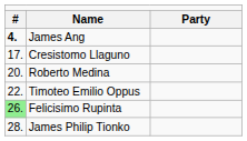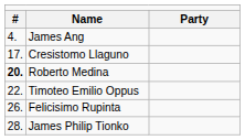 <table class=wikitable style="font-size:90%">
 <tr>
 <td colspan=4 bgcolor=></td>
 </tr>
 <tr>
 <th>#</th>
 <th width=150px>Name</th>
 <th colspan=2 width=110px>Party</th>
 </tr>
 <tr>
-<td><strong>4.</strong></td>
+<td>4.</td>
 <td>James Ang</td>
 <td></td>
 </tr>
 <tr>
 <td>17.</td>
 <td>Cresistomo Llaguno</td>
 <td></td>
 </tr>
 <tr>
-<td>20.</td>
+<td><strong>20.</strong></td>
 <td>Roberto Medina</td>
 <td></td>
 </tr>
 <tr>
 <td>22.</td>
 <td>Timoteo Emilio Oppus</td>
 <td></td>
 </tr>
 <tr>
-<td style="background: lightgreen;">26.</td>
+<td>26.</td>
 <td>Felicisimo Rupinta</td>
 <td></td>
 </tr>
 <tr>
 <td>28.</td>
 <td>James Philip Tionko</td>
 <td></td>
 </tr>
 </table>
